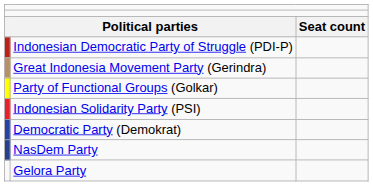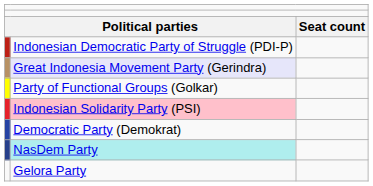 <table class="wikitable">
 <tr>
 <td colspan="4"></td>
 </tr>
 <tr>
 <td colspan="4"></td>
 </tr>
 <tr>
 <th colspan="2">Political parties</th>
 <th>Seat count</th>
 </tr>
 <tr>
 <td bgcolor=#BD2016></td>
 <td><a href='#'>Indonesian Democratic Party of Struggle</a> (PDI-P)</td>
 <td></td>
 </tr>
 <tr>
 <td bgcolor=#B79164></td>
-<td><a href='#'>Great Indonesia Movement Party</a> (Gerindra)</td>
+<td style="background: lavender;"><a href='#'>Great Indonesia Movement Party</a> (Gerindra)</td>
 <td></td>
 </tr>
 <tr>
 <td bgcolor=#FFFF00></td>
 <td><a href='#'>Party of Functional Groups</a> (Golkar)</td>
 <td></td>
 </tr>
 <tr>
 <td bgcolor=#E6212A></td>
-<td><a href='#'>Indonesian Solidarity Party</a> (PSI)</td>
+<td style="background: pink;"><a href='#'>Indonesian Solidarity Party</a> (PSI)</td>
 <td></td>
 </tr>
 <tr>
 <td bgcolor=#2643A3></td>
 <td><a href='#'>Democratic Party</a> (Demokrat)</td>
 <td></td>
 </tr>
 <tr>
 <td bgcolor=#27408B></td>
-<td><a href='#'>NasDem Party</a></td>
+<td style="background: paleturquoise;"><a href='#'>NasDem Party</a></td>
 <td></td>
 </tr>
 <tr>
 <td></td>
 <td><a href='#'>Gelora Party</a></td>
 <td></td>
 </tr>
 </table>
